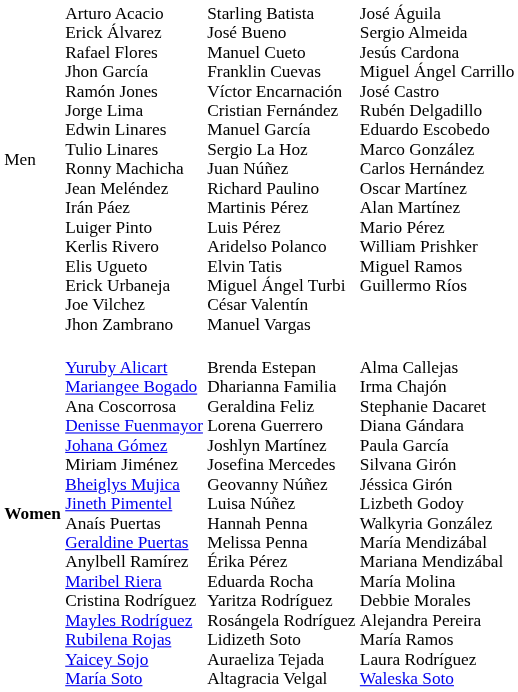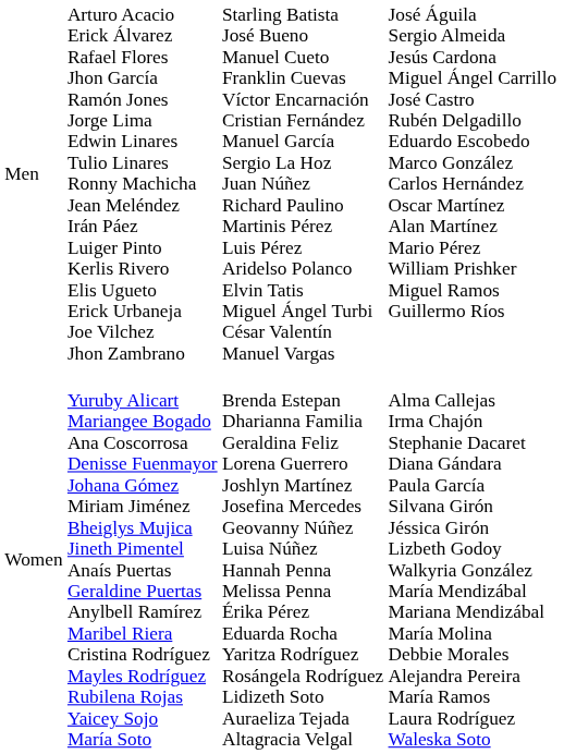 <table>
 <tr>
 <td>Men</td>
 <td valign=top><br>Arturo Acacio<br>Erick Álvarez<br>Rafael Flores<br>Jhon García<br>Ramón Jones<br>Jorge Lima<br>Edwin Linares<br>Tulio Linares<br>Ronny Machicha<br>Jean Meléndez<br>Irán Páez<br>Luiger Pinto<br>Kerlis Rivero<br>Elis Ugueto<br>Erick Urbaneja<br>Joe Vilchez<br>Jhon Zambrano</td>
 <td valign=top><br>Starling Batista<br>José Bueno<br>Manuel Cueto<br>Franklin Cuevas<br>Víctor Encarnación<br>Cristian Fernández<br>Manuel García<br>Sergio La Hoz<br>Juan Núñez<br>Richard Paulino<br>Martinis Pérez<br>Luis Pérez<br>Aridelso Polanco<br>Elvin Tatis<br>Miguel Ángel Turbi<br>César Valentín<br>Manuel Vargas</td>
 <td valign=top><br>José Águila<br>Sergio Almeida<br>Jesús Cardona<br>Miguel Ángel Carrillo<br>José Castro<br>Rubén Delgadillo<br>Eduardo Escobedo<br>Marco González<br>Carlos Hernández<br>Oscar Martínez<br>Alan Martínez<br>Mario Pérez<br>William Prishker<br>Miguel Ramos<br>Guillermo Ríos</td>
 </tr>
 <tr>
-<td><strong>Women</strong></td>
+<td>Women</td>
 <td valign=top><br><a href='#'>Yuruby Alicart</a><br><a href='#'>Mariangee Bogado</a><br>Ana Coscorrosa<br><a href='#'>Denisse Fuenmayor</a><br><a href='#'>Johana Gómez</a><br>Miriam Jiménez<br><a href='#'>Bheiglys Mujica</a><br><a href='#'>Jineth Pimentel</a><br>Anaís Puertas<br><a href='#'>Geraldine Puertas</a><br>Anylbell Ramírez<br><a href='#'>Maribel Riera</a><br>Cristina Rodríguez<br><a href='#'>Mayles Rodríguez</a><br><a href='#'>Rubilena Rojas</a><br><a href='#'>Yaicey Sojo</a><br><a href='#'>María Soto</a></td>
 <td valign=top><br>Brenda Estepan<br>Dharianna Familia<br>Geraldina Feliz<br>Lorena Guerrero<br>Joshlyn Martínez<br>Josefina Mercedes<br>Geovanny Núñez<br>Luisa Núñez<br>Hannah Penna<br>Melissa Penna<br>Érika Pérez<br>Eduarda Rocha<br>Yaritza Rodríguez<br>Rosángela Rodríguez<br>Lidizeth Soto<br>Auraeliza Tejada<br>Altagracia Velgal</td>
 <td valign=top><br>Alma Callejas<br>Irma Chajón<br>Stephanie Dacaret<br>Diana Gándara<br>Paula García<br>Silvana Girón<br>Jéssica Girón<br>Lizbeth Godoy<br>Walkyria González<br>María Mendizábal<br>Mariana Mendizábal<br>María Molina<br>Debbie Morales<br>Alejandra Pereira<br>María Ramos<br>Laura Rodríguez<br><a href='#'>Waleska Soto</a></td>
 </tr>
 <tr>
 </tr>
 </table>
